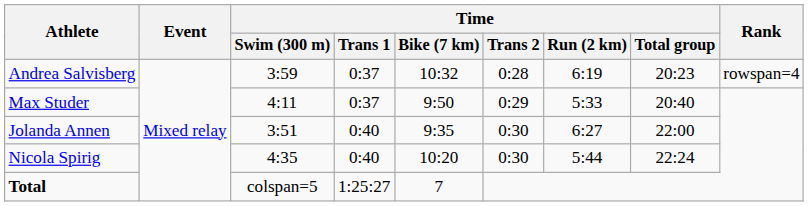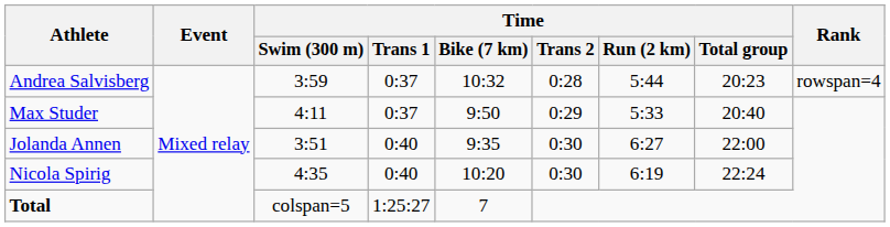 <table class="wikitable" style="font-size:90%;text-align:center">
 <tr>
 <th rowspan=2>Athlete</th>
 <th rowspan=2>Event</th>
 <th colspan=6>Time</th>
 <th rowspan=2>Rank</th>
 </tr>
 <tr style="font-size:95%">
 <th>Swim (300 m)</th>
 <th>Trans 1</th>
 <th>Bike (7 km)</th>
 <th>Trans 2</th>
 <th>Run (2 km)</th>
 <th>Total group</th>
 </tr>
 <tr>
 <td align=left><a href='#'>Andrea Salvisberg</a></td>
 <td align=left rowspan=5><a href='#'>Mixed relay</a></td>
 <td>3:59</td>
 <td>0:37</td>
 <td>10:32</td>
 <td>0:28</td>
-<td>6:19</td>
+<td>5:44</td>
 <td>20:23</td>
 <td>rowspan=4 </td>
 </tr>
 <tr>
 <td align=left><a href='#'>Max Studer</a></td>
 <td>4:11</td>
 <td>0:37</td>
 <td>9:50</td>
 <td>0:29</td>
 <td>5:33</td>
 <td>20:40</td>
 </tr>
 <tr>
 <td align=left><a href='#'>Jolanda Annen</a></td>
 <td>3:51</td>
 <td>0:40</td>
 <td>9:35</td>
 <td>0:30</td>
 <td>6:27</td>
 <td>22:00</td>
 </tr>
 <tr>
 <td align=left><a href='#'>Nicola Spirig</a></td>
 <td>4:35</td>
 <td>0:40</td>
 <td>10:20</td>
 <td>0:30</td>
-<td>5:44</td>
+<td>6:19</td>
 <td>22:24</td>
 </tr>
 <tr align=center>
 <td align=left><strong>Total</strong></td>
 <td>colspan=5 </td>
 <td>1:25:27</td>
 <td>7</td>
 </tr>
 </table>
